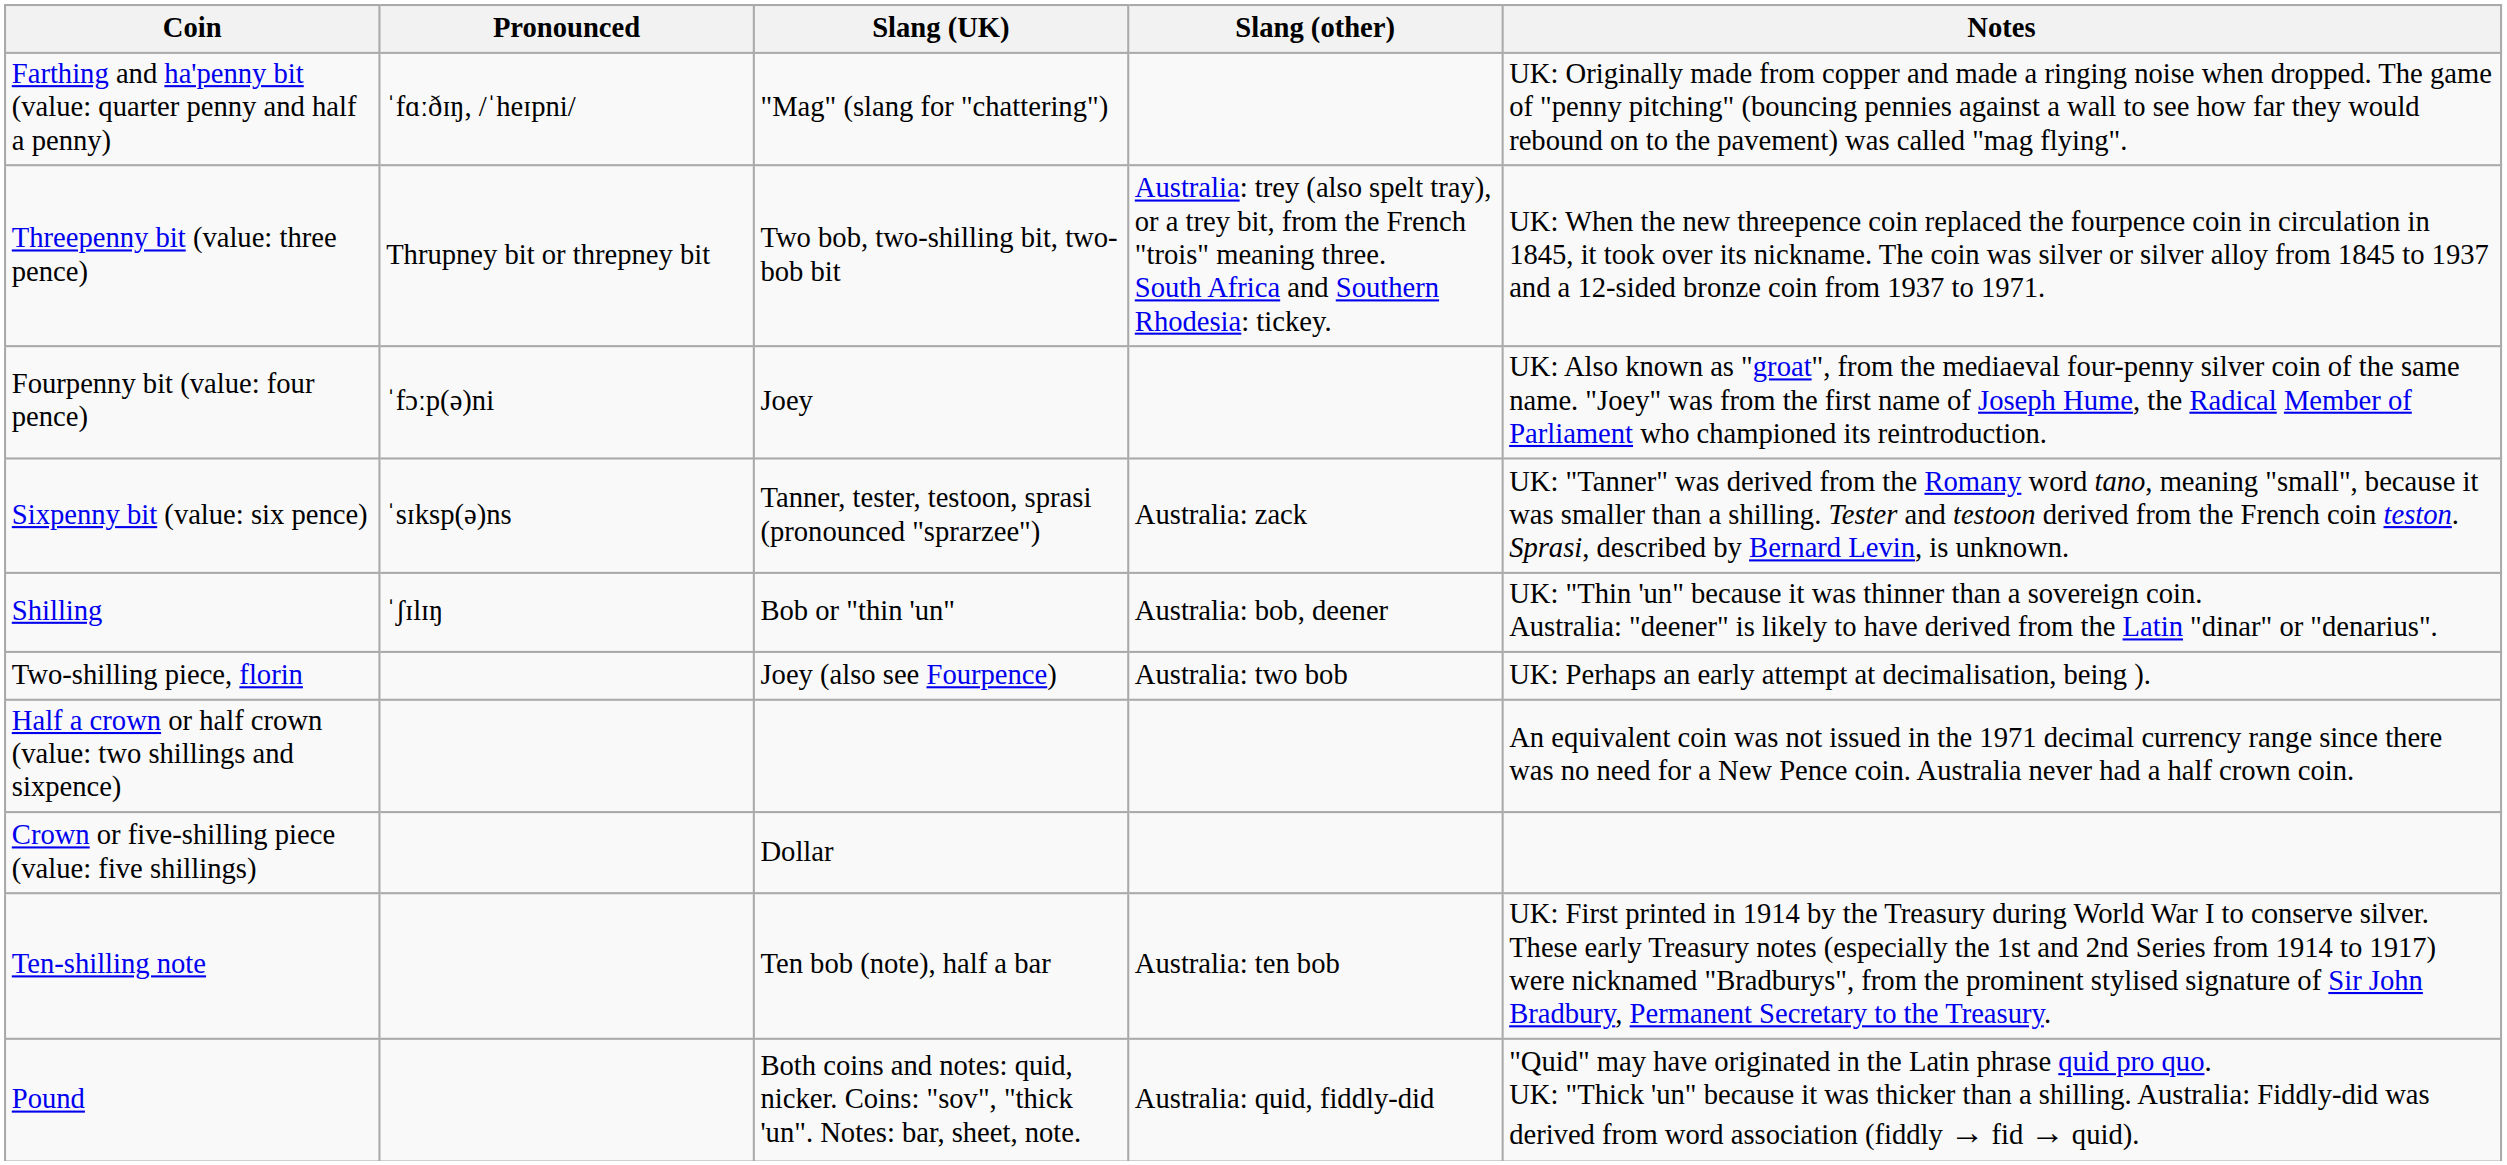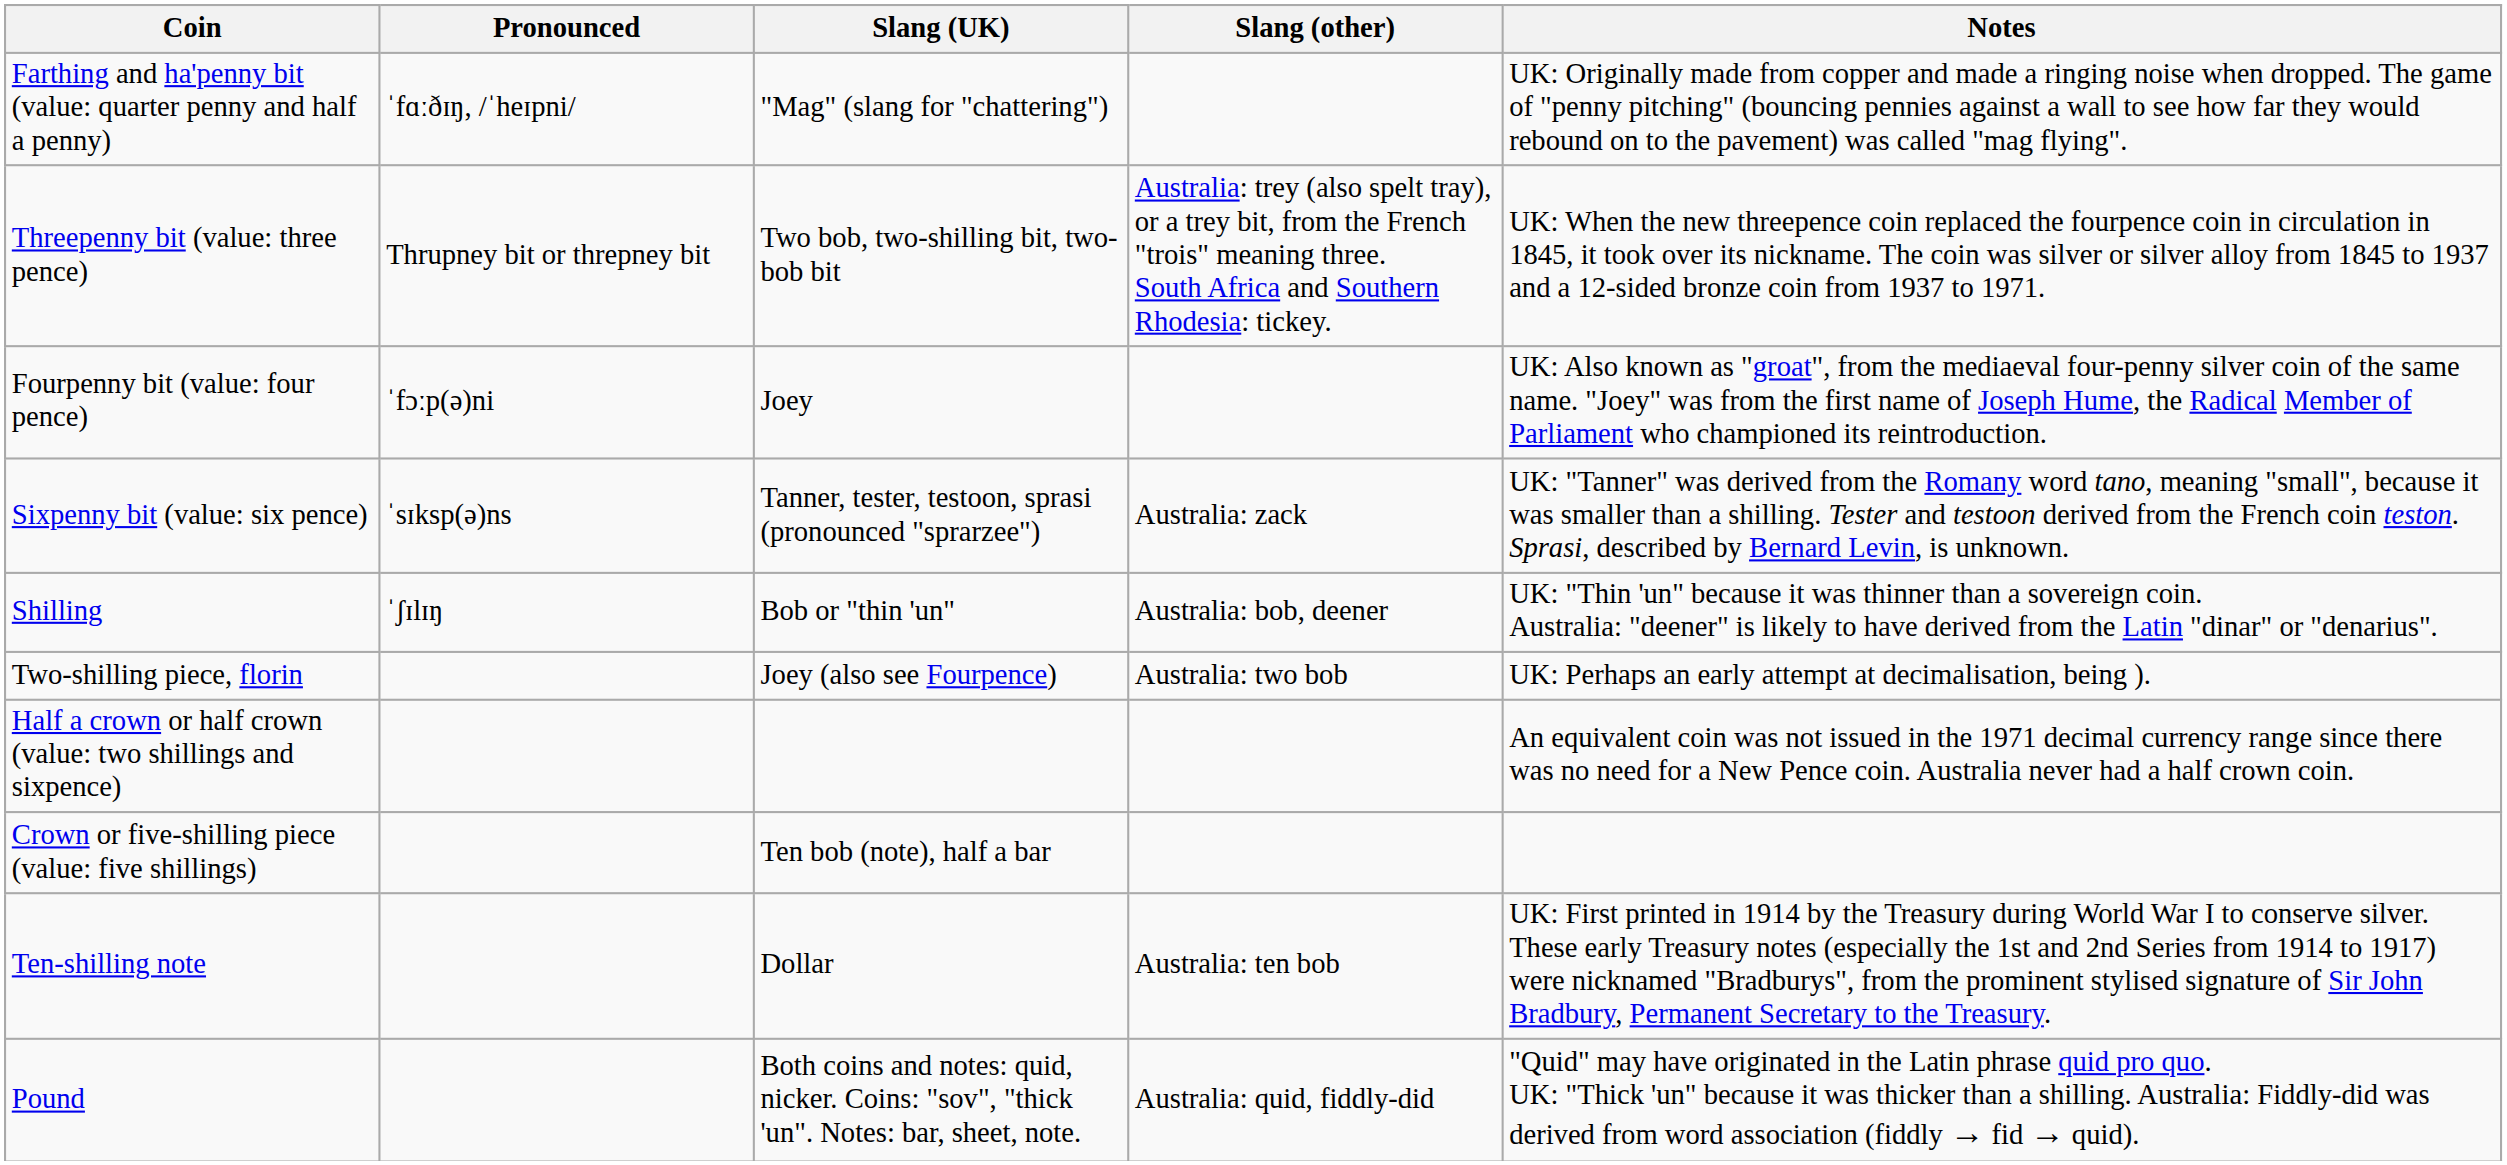 <table class="vertical-align-top wikitable" border= "1" style= "width:95%; font-size: 86%">
 <tr>
 <th scope="col" style= "width: 15%;">Coin</th>
 <th scope="col" style= "width: 15%;">Pronounced</th>
 <th scope="col" style= "width: 15%;">Slang (UK)</th>
 <th scope="col" style= "width: 15%;">Slang (other)</th>
 <th scope="col" style= "width: 40%;">Notes</th>
 </tr>
 <tr>
 <td><a href='#'>Farthing</a> and <a href='#'>ha'penny bit</a> (value: quarter penny and half a penny)</td>
 <td>ˈfɑːðɪŋ, /ˈheɪpni/</td>
 <td>"Mag" (slang for "chattering")</td>
 <td></td>
 <td>UK: Originally made from copper and made a ringing noise when dropped. The game of "penny pitching" (bouncing pennies against a wall to see how far they would rebound on to the pavement) was called "mag flying".</td>
 </tr>
 <tr>
 <td><a href='#'>Threepenny bit</a> (value: three pence)</td>
 <td>Thrupney bit or threpney bit</td>
 <td>Two bob, two-shilling bit, two-bob bit</td>
 <td><a href='#'>Australia</a>: trey (also spelt tray), or a trey bit, from the French "trois" meaning three.<br><a href='#'>South Africa</a> and <a href='#'>Southern Rhodesia</a>: tickey.</td>
 <td>UK:  When the new threepence coin replaced the fourpence coin in circulation in 1845, it took over its nickname. The coin was silver or silver alloy from 1845 to 1937 and a 12-sided bronze coin from 1937 to 1971.</td>
 </tr>
 <tr>
 <td>Fourpenny bit (value: four pence)</td>
 <td>ˈfɔːp(ə)ni</td>
 <td>Joey</td>
 <td></td>
 <td>UK:  Also known as "<a href='#'>groat</a>", from the mediaeval four-penny silver coin of the same name. "Joey" was from the first name of <a href='#'>Joseph Hume</a>, the <a href='#'>Radical</a> <a href='#'>Member of Parliament</a> who championed its reintroduction.</td>
 </tr>
 <tr>
 <td><a href='#'>Sixpenny bit</a> (value: six pence)</td>
 <td>ˈsɪksp(ə)ns</td>
 <td>Tanner, tester, testoon, sprasi (pronounced "sprarzee")</td>
 <td>Australia: zack</td>
 <td>UK:  "Tanner" was derived from the <a href='#'>Romany</a> word <em>tano</em>, meaning "small", because it was smaller than a shilling. <em>Tester</em> and <em>testoon</em> derived from the French coin <em><a href='#'>teston</a></em>. <em>Sprasi</em>, described by <a href='#'>Bernard Levin</a>, is unknown.</td>
 </tr>
 <tr>
 <td><a href='#'>Shilling</a></td>
 <td>ˈʃɪlɪŋ</td>
 <td>Bob or "thin 'un"</td>
 <td>Australia: bob, deener</td>
 <td>UK: "Thin 'un" because it was thinner than a sovereign coin.<br>Australia: "deener" is likely to have derived from the <a href='#'>Latin</a> "dinar" or "denarius".</td>
 </tr>
 <tr>
 <td>Two-shilling piece, <a href='#'>florin</a></td>
 <td></td>
 <td>Joey (also see <a href='#'>Fourpence</a>)</td>
 <td>Australia: two bob</td>
 <td>UK:  Perhaps an early attempt at decimalisation, being ).</td>
 </tr>
 <tr>
 <td><a href='#'>Half a crown</a> or half crown (value: two shillings and sixpence)</td>
 <td></td>
 <td></td>
 <td></td>
 <td>An equivalent coin was not issued in the 1971 decimal currency range since there was no need for a  New Pence coin. Australia never had a half crown coin.</td>
 </tr>
 <tr>
 <td><a href='#'>Crown</a> or five-shilling piece (value: five shillings)</td>
 <td></td>
-<td>Dollar</td>
+<td>Ten bob (note), half a bar</td>
 <td></td>
 <td></td>
 </tr>
 <tr>
 <td><a href='#'>Ten-shilling note</a></td>
 <td></td>
-<td>Ten bob (note), half a bar</td>
+<td>Dollar</td>
 <td>Australia: ten bob</td>
 <td>UK:  First printed in 1914 by the Treasury during World War I to conserve silver. These early Treasury notes (especially the 1st and 2nd Series from 1914 to 1917) were nicknamed "Bradburys", from the prominent stylised signature of <a href='#'>Sir John Bradbury</a>, <a href='#'>Permanent Secretary to the Treasury</a>.</td>
 </tr>
 <tr>
 <td><a href='#'>Pound</a></td>
 <td></td>
 <td>Both coins and notes: quid, nicker. Coins: "sov", "thick 'un". Notes: bar, sheet, note.</td>
 <td>Australia: quid, fiddly-did</td>
 <td>"Quid" may have originated in the Latin phrase <a href='#'>quid pro quo</a>.<br>UK:  "Thick 'un" because it was thicker than a shilling. Australia: Fiddly-did was derived from word association (fiddly <big>→</big> fid <big>→</big> quid).</td>
 </tr>
 </table>
